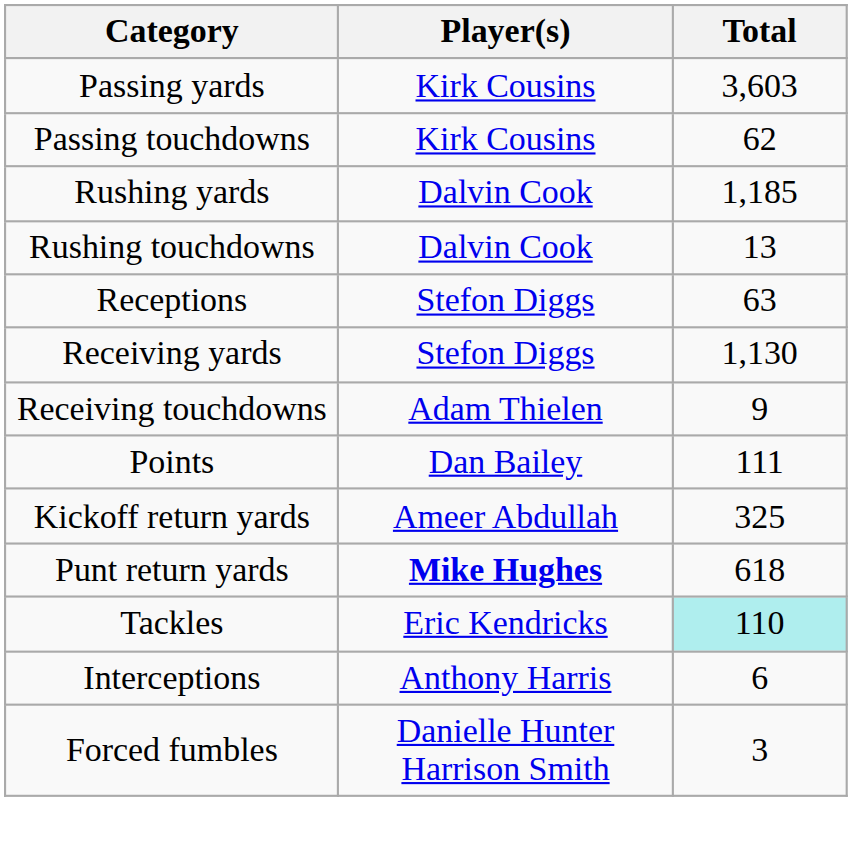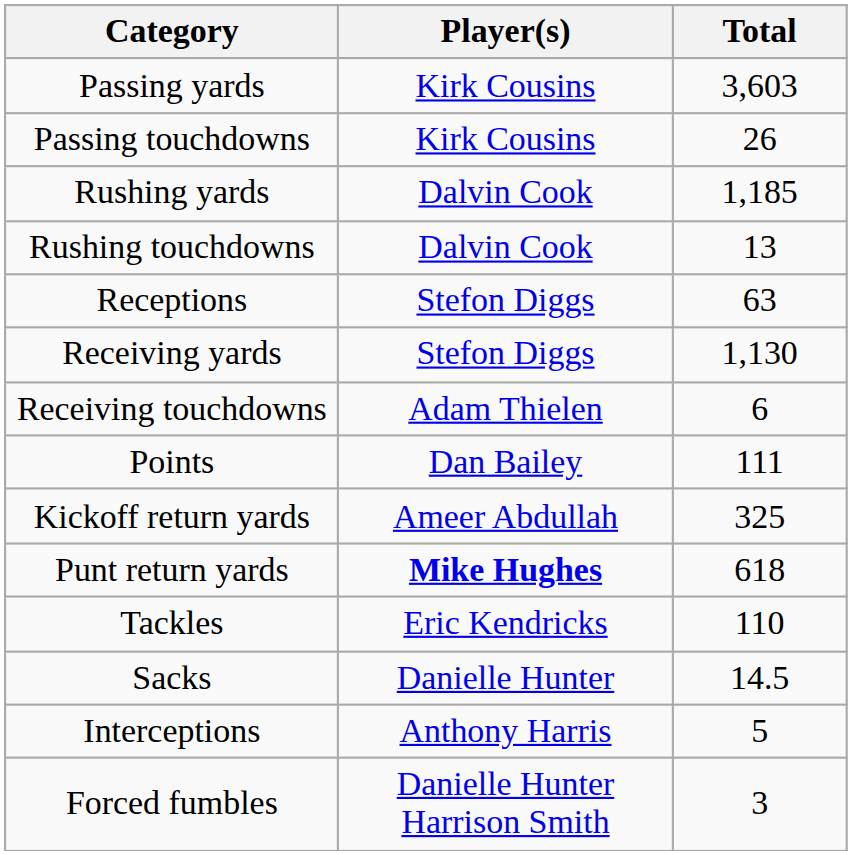 <table class="wikitable" style="text-align:center">
 <tr>
 <th width="150">Category</th>
 <th width="150">Player(s)</th>
 <th width="75">Total</th>
 </tr>
 <tr>
 <td>Passing yards</td>
 <td><a href='#'>Kirk Cousins</a></td>
 <td>3,603</td>
 </tr>
 <tr>
 <td>Passing touchdowns</td>
 <td><a href='#'>Kirk Cousins</a></td>
-<td>62</td>
+<td>26</td>
 </tr>
 <tr>
 <td>Rushing yards</td>
 <td><a href='#'>Dalvin Cook</a></td>
 <td>1,185</td>
 </tr>
 <tr>
 <td>Rushing touchdowns</td>
 <td><a href='#'>Dalvin Cook</a></td>
 <td>13</td>
 </tr>
 <tr>
 <td>Receptions</td>
 <td><a href='#'>Stefon Diggs</a></td>
 <td>63</td>
 </tr>
 <tr>
 <td>Receiving yards</td>
 <td><a href='#'>Stefon Diggs</a></td>
 <td>1,130</td>
 </tr>
 <tr>
 <td>Receiving touchdowns</td>
 <td><a href='#'>Adam Thielen</a></td>
-<td>9</td>
+<td>6</td>
 </tr>
 <tr>
 <td>Points</td>
 <td><a href='#'>Dan Bailey</a></td>
 <td>111</td>
 </tr>
 <tr>
 <td>Kickoff return yards</td>
 <td><a href='#'>Ameer Abdullah</a></td>
 <td>325</td>
 </tr>
 <tr>
 <td>Punt return yards</td>
 <td><strong><a href='#'>Mike Hughes</a></strong></td>
 <td>618</td>
 </tr>
 <tr>
 <td>Tackles</td>
 <td><a href='#'>Eric Kendricks</a></td>
-<td style="background: paleturquoise;">110</td>
+<td>110</td>
+</tr>
+<tr>
+<td>Sacks</td>
+<td><a href='#'>Danielle Hunter</a></td>
+<td>14.5</td>
 </tr>
 <tr>
 <td>Interceptions</td>
 <td><a href='#'>Anthony Harris</a></td>
-<td>6</td>
+<td>5</td>
 </tr>
 <tr>
 <td>Forced fumbles</td>
 <td><a href='#'>Danielle Hunter</a><br><a href='#'>Harrison Smith</a></td>
 <td>3</td>
 </tr>
 </table>
